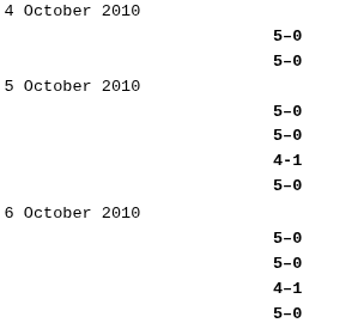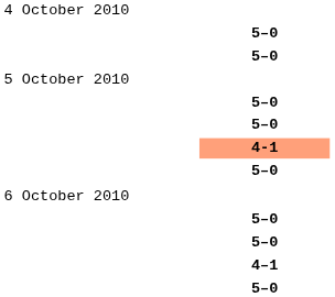 <table style="font-size:90%">
 <tr>
 <td colspan=4>4 October 2010</td>
 </tr>
 <tr>
 <td width=150 align=right></td>
 <td width=100 align=center><strong>5–0</strong></td>
 <td></td>
 </tr>
 <tr>
 <td align=right></td>
 <td width=100 align=center><strong>5–0</strong></td>
 <td></td>
 </tr>
 <tr>
 <td colspan=4>5 October 2010</td>
 </tr>
 <tr>
 <td align=right></td>
 <td width=100 align=center><strong>5–0</strong></td>
 <td></td>
 </tr>
 <tr>
 <td align=right></td>
 <td width=100 align=center><strong>5–0</strong></td>
 <td></td>
 </tr>
 <tr>
 <td align=right></td>
-<td width=100 align=center><strong>4-1</strong></td>
+<td width=100 align=center style="background: lightsalmon;"><strong>4-1</strong></td>
 <td></td>
 </tr>
 <tr>
 <td align=right></td>
 <td width=100 align=center><strong>5–0</strong></td>
 <td></td>
 </tr>
 <tr>
 </tr>
 <tr>
 <td colspan=4>6 October 2010</td>
 </tr>
 <tr>
 <td align=right></td>
 <td width=100 align=center><strong>5–0</strong></td>
 <td></td>
 </tr>
 <tr>
 <td align=right></td>
 <td width=100 align=center><strong>5–0</strong></td>
 <td></td>
 </tr>
 <tr>
 <td align=right></td>
 <td width=100 align=center><strong>4–1</strong></td>
 <td></td>
 </tr>
 <tr>
 <td align=right></td>
 <td width=100 align=center><strong>5–0</strong></td>
 <td></td>
 </tr>
 </table>
